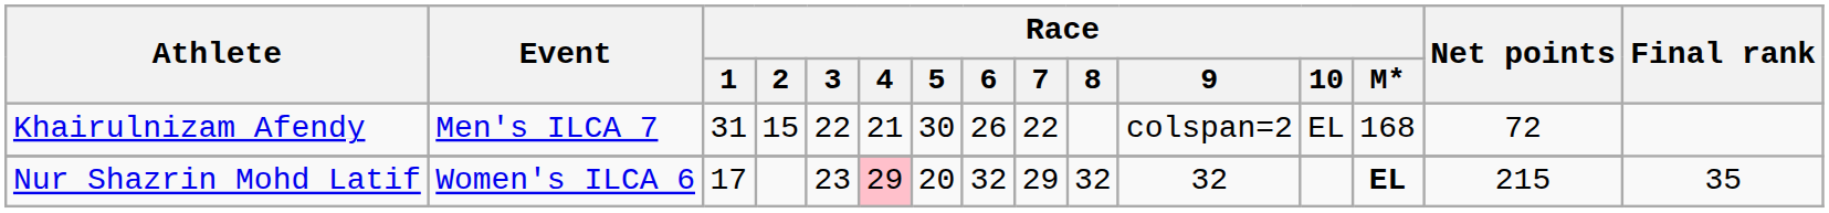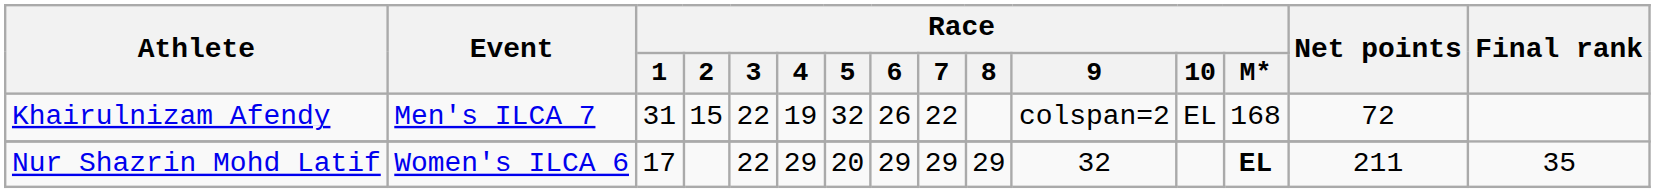 <table class="wikitable" style="font-size:90%">
 <tr>
 <th rowspan="2">Athlete</th>
 <th rowspan="2">Event</th>
 <th colspan=11>Race</th>
 <th rowspan=2>Net points</th>
 <th rowspan=2>Final rank</th>
 </tr>
 <tr style="font-size:95%">
 <th>1</th>
 <th>2</th>
 <th>3</th>
 <th>4</th>
 <th>5</th>
 <th>6</th>
 <th>7</th>
 <th>8</th>
 <th>9</th>
 <th>10</th>
 <th>M*</th>
 </tr>
 <tr align=center>
 <td align=left><a href='#'>Khairulnizam Afendy</a></td>
 <td align=left><a href='#'>Men's ILCA 7</a></td>
 <td>31</td>
 <td>15</td>
 <td>22</td>
-<td>21</td>
-<td>30</td>
+<td>19</td>
+<td>32</td>
 <td>26</td>
 <td>22</td>
 <td></td>
 <td>colspan=2 </td>
 <td>EL</td>
 <td>168</td>
 <td>72</td>
 </tr>
 <tr>
 </tr>
 <tr align=center>
 <td align=left><a href='#'>Nur Shazrin Mohd Latif</a></td>
 <td align=left><a href='#'>Women's ILCA 6</a></td>
 <td>17</td>
 <td></td>
-<td>23</td>
-<td style="background: pink;">29</td>
+<td>22</td>
+<td>29</td>
 <td>20</td>
-<td>32</td>
 <td>29</td>
-<td>32</td>
+<td>29</td>
+<td>29</td>
 <td>32</td>
 <td></td>
 <td><strong>EL</strong></td>
-<td>215</td>
+<td>211</td>
 <td>35</td>
 </tr>
 </table>
